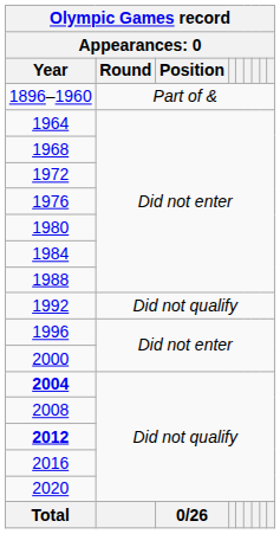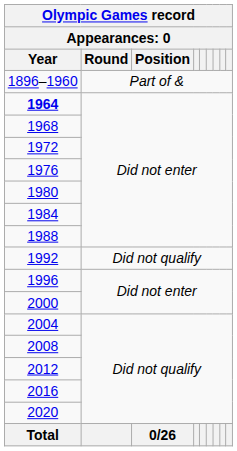 <table class="wikitable" style="text-align: center;font-size:90%;">
 <tr>
 <th colspan=9><a href='#'>Olympic Games</a> record</th>
 </tr>
 <tr>
 <th colspan=9>Appearances: 0</th>
 </tr>
 <tr>
 <th>Year</th>
 <th>Round</th>
 <th>Position</th>
 <th></th>
 <th></th>
 <th></th>
 <th></th>
 <th></th>
 <th></th>
 </tr>
 <tr>
 <td><a href='#'>1896</a>–<a href='#'>1960</a></td>
 <td colspan=8><em>Part of  & </em></td>
 </tr>
 <tr>
-<td> <a href='#'>1964</a></td>
+<td><strong> <a href='#'>1964</a></strong></td>
 <td colspan=8 rowspan=7><em>Did not enter</em></td>
 </tr>
 <tr>
 <td> <a href='#'>1968</a></td>
 </tr>
 <tr>
 <td> <a href='#'>1972</a></td>
 </tr>
 <tr>
 <td> <a href='#'>1976</a></td>
 </tr>
 <tr>
 <td> <a href='#'>1980</a></td>
 </tr>
 <tr>
 <td> <a href='#'>1984</a></td>
 </tr>
 <tr>
 <td> <a href='#'>1988</a></td>
 </tr>
 <tr>
 <td> <a href='#'>1992</a></td>
 <td colspan=8><em>Did not qualify</em></td>
 </tr>
 <tr>
 <td> <a href='#'>1996</a></td>
 <td colspan=8 rowspan=2><em>Did not enter</em></td>
 </tr>
 <tr>
 <td> <a href='#'>2000</a></td>
 </tr>
 <tr>
-<td><strong> <a href='#'>2004</a></strong></td>
+<td> <a href='#'>2004</a></td>
 <td colspan=8 rowspan=5><em>Did not qualify</em></td>
 </tr>
 <tr>
 <td> <a href='#'>2008</a></td>
 </tr>
 <tr>
-<td><strong> <a href='#'>2012</a></strong></td>
+<td> <a href='#'>2012</a></td>
 </tr>
 <tr>
 <td> <a href='#'>2016</a></td>
 </tr>
 <tr>
 <td> <a href='#'>2020</a></td>
 </tr>
 <tr>
 <th>Total</th>
 <th></th>
 <th>0/26</th>
 <th></th>
 <th></th>
 <th></th>
 <th></th>
 <th></th>
 <th></th>
 </tr>
 </table>
